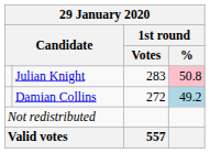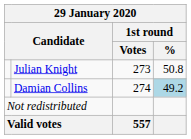 <table class="wikitable" style="min-width:250px">
 <tr>
 <th colspan="12">29 January 2020</th>
 </tr>
 <tr>
 <th colspan="2" rowspan="2">Candidate</th>
 <th colspan="2">1st round</th>
 </tr>
 <tr>
 <th>Votes</th>
 <th>%</th>
 </tr>
 <tr>
 <td style="color:inherit;background-color: "></td>
 <td><a href='#'>Julian Knight</a></td>
-<td align="right">283</td>
-<td align="right" style="background: pink;">50.8</td>
+<td align="right">273</td>
+<td align="right">50.8</td>
 </tr>
 <tr>
 <td style="color:inherit;background-color: "></td>
 <td><a href='#'>Damian Collins</a></td>
-<td align="right">272</td>
+<td align="right">274</td>
 <td align="right" style="background: lightblue;">49.2</td>
 </tr>
 <tr>
 <td colspan="2"><em>Not redistributed</em></td>
 <td align="right"></td>
 <td align="right"></td>
 </tr>
 <tr>
 <th style="text-align:left;" colspan="2"><strong>Valid votes</strong></th>
 <th style="text-align:right;">557</th>
 <th style="text-align:right;"></th>
 </tr>
 </table>
